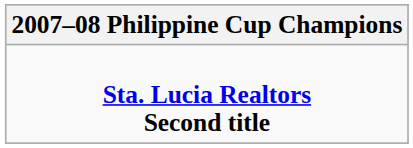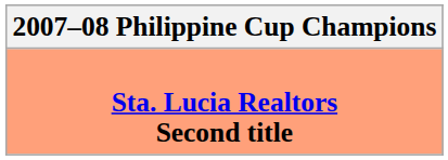 <table class=wikitable style="text-align:center; margin:auto">
 <tr>
 <th>2007–08 Philippine Cup Champions</th>
 </tr>
 <tr>
-<td><br> <strong><a href='#'>Sta. Lucia Realtors</a></strong> <br> <strong>Second title</strong></td>
+<td style="background: lightsalmon;"><br> <strong><a href='#'>Sta. Lucia Realtors</a></strong> <br> <strong>Second title</strong></td>
 </tr>
 </table>
